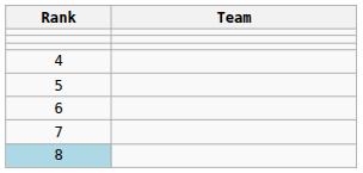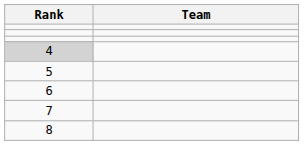 <table class="wikitable" style="text-align:center;margin-left:1em;float:right" width=20%>
 <tr>
 <th width=5%>Rank</th>
 <th width=15%>Team</th>
 </tr>
 <tr>
 <td></td>
 <td align=left></td>
 </tr>
 <tr>
 <td></td>
 <td align=left></td>
 </tr>
 <tr>
 <td></td>
 <td align=left></td>
 </tr>
 <tr>
-<td>4</td>
+<td style="background: lightgrey;">4</td>
 <td align=left></td>
 </tr>
 <tr>
 <td>5</td>
 <td align=left></td>
 </tr>
 <tr>
 <td>6</td>
 <td align=left></td>
 </tr>
 <tr>
 <td>7</td>
 <td align=left></td>
 </tr>
 <tr>
-<td style="background: lightblue;">8</td>
+<td>8</td>
 <td align=left></td>
 </tr>
 </table>
